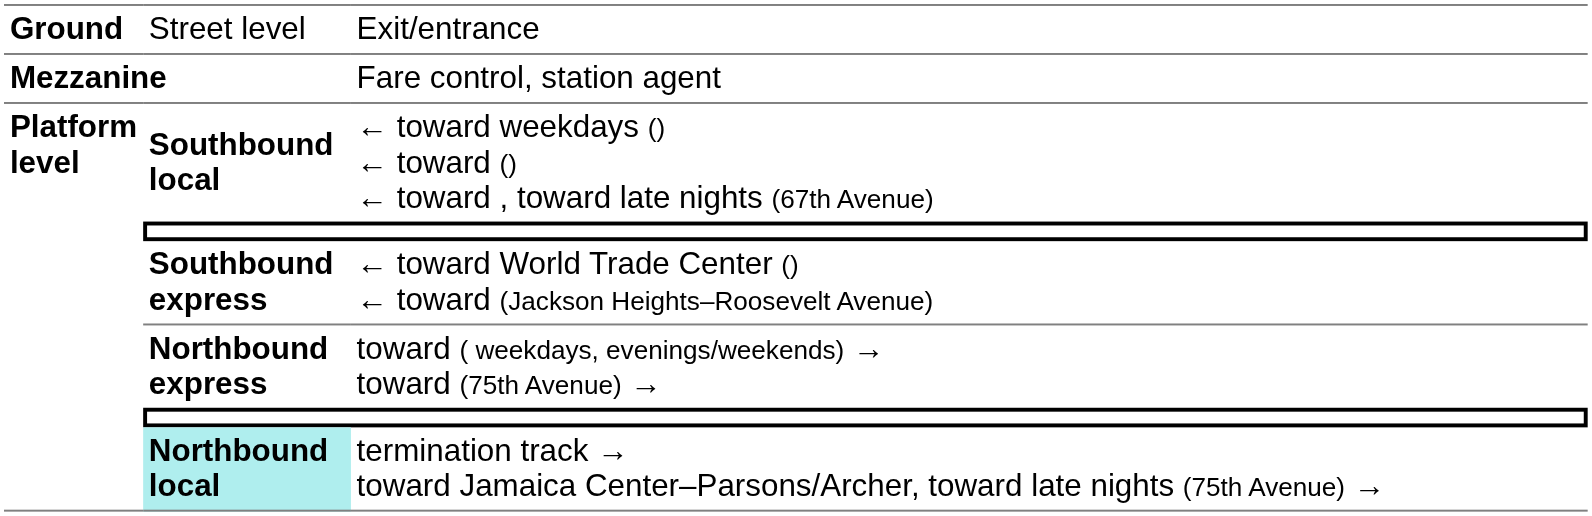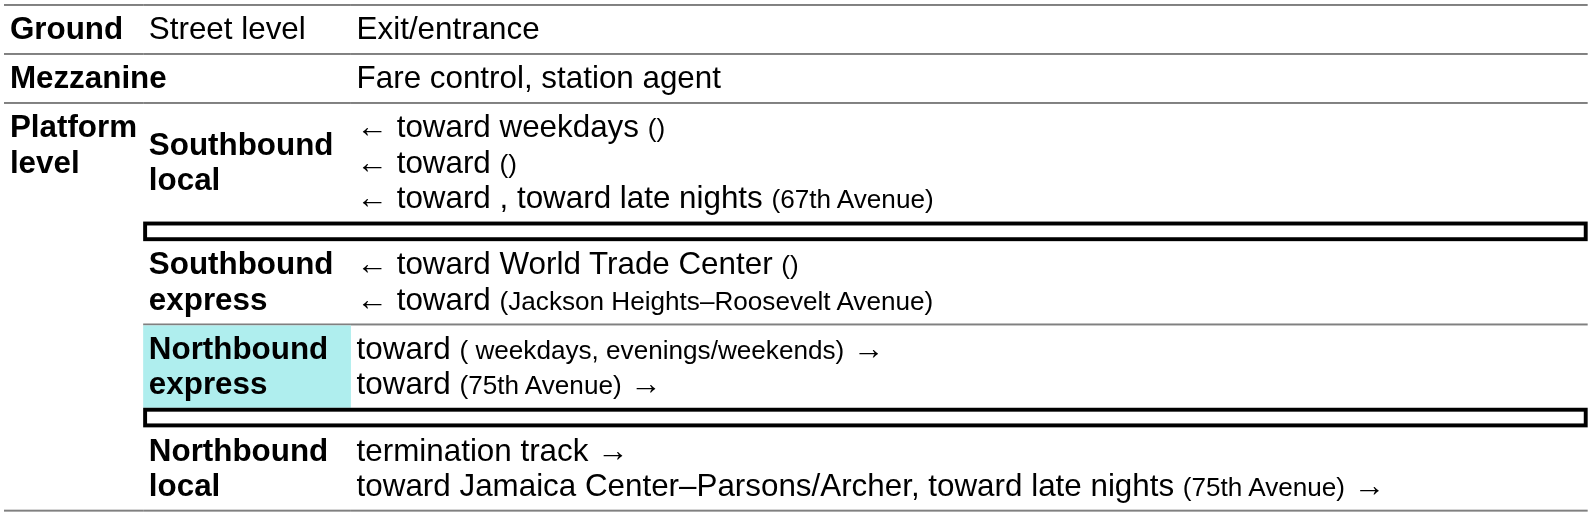 <table border=0 cellspacing=0 cellpadding=3>
 <tr>
 <td style="border-top:solid 1px gray;border-bottom:solid 1px gray;" width=50><strong>Ground</strong></td>
 <td style="border-top:solid 1px gray;border-bottom:solid 1px gray;" width=100>Street level</td>
 <td style="border-top:solid 1px gray;border-bottom:solid 1px gray;" width=625>Exit/entrance</td>
 </tr>
 <tr>
 <td valign=top colspan=2><strong>Mezzanine</strong></td>
 <td valign=top>Fare control, station agent<br></td>
 </tr>
 <tr>
 <td style="border-top:solid 1px gray;border-bottom:solid 1px gray;" rowspan=6 valign=top><strong>Platform level</strong></td>
 <td style="border-top:solid 1px gray;"><strong>Southbound local</strong></td>
 <td style="border-top:solid 1px gray;">←  toward  weekdays <small>()</small><br>←  toward  <small>()</small><br>←  toward ,  toward  late nights <small>(67th Avenue)</small></td>
 </tr>
 <tr>
 <td style="border-top:solid 2px black;border-right:solid 2px black;border-left:solid 2px black;border-bottom:solid 2px black;text-align:center;" colspan=2></td>
 </tr>
 <tr>
 <td style="border-bottom:solid 1px gray;"><strong>Southbound express</strong></td>
 <td style="border-bottom:solid 1px gray;">←  toward World Trade Center <small>()</small><br>←  toward  <small>(Jackson Heights–Roosevelt Avenue)</small></td>
 </tr>
 <tr>
-<td><strong>Northbound express</strong></td>
+<td style="background: paleturquoise;"><strong>Northbound express</strong></td>
 <td>  toward  <small>( weekdays,  evenings/weekends)</small> →<br>  toward  <small>(75th Avenue)</small> →</td>
 </tr>
 <tr>
 <td style="border-top:solid 2px black;border-right:solid 2px black;border-left:solid 2px black;border-bottom:solid 2px black;text-align:center;" colspan=2></td>
 </tr>
 <tr>
-<td style="background: paleturquoise; border-bottom:solid 1px gray;"><strong>Northbound local</strong></td>
+<td style="border-bottom:solid 1px gray;"><strong>Northbound local</strong></td>
 <td style="border-bottom:solid 1px gray;">   termination track →<br>  toward Jamaica Center–Parsons/Archer,  toward  late nights <small>(75th Avenue)</small> →</td>
 </tr>
 </table>
